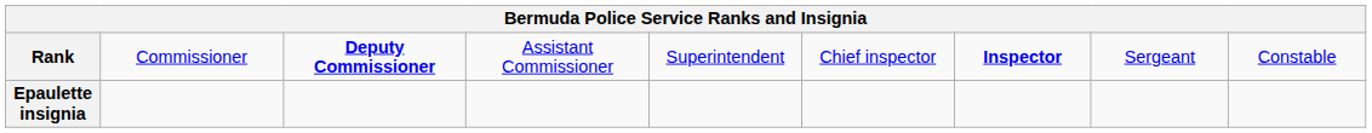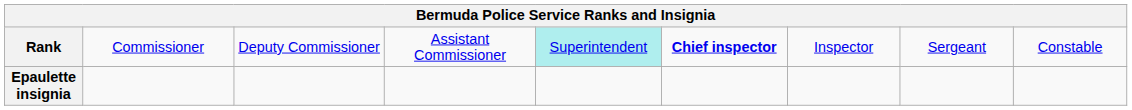 <table class="wikitable" style="text-align: center;">
 <tr>
 <th colspan=10>Bermuda Police Service Ranks and Insignia</th>
 </tr>
 <tr>
 <th Width=5%>Rank</th>
 <td Width=12%><a href='#'>Commissioner</a></td>
-<td Width=12%><strong><a href='#'>Deputy Commissioner</a></strong></td>
+<td Width=12%><a href='#'>Deputy Commissioner</a></td>
 <td Width=12%><a href='#'>Assistant Commissioner</a></td>
-<td Width=10%><a href='#'>Superintendent</a></td>
-<td Width=10%><a href='#'>Chief inspector</a></td>
-<td Width=9%><strong><a href='#'>Inspector</a></strong></td>
+<td Width=10% style="background: paleturquoise;"><a href='#'>Superintendent</a></td>
+<td Width=10%><strong><a href='#'>Chief inspector</a></strong></td>
+<td Width=9%><a href='#'>Inspector</a></td>
 <td Width=9%><a href='#'>Sergeant</a></td>
 <td Width=9%><a href='#'>Constable</a></td>
 </tr>
 <tr>
 <th>Epaulette insignia</th>
 <td></td>
 <td></td>
 <td></td>
 <td></td>
 <td></td>
 <td></td>
 <td></td>
 <td></td>
 </tr>
 </table>
